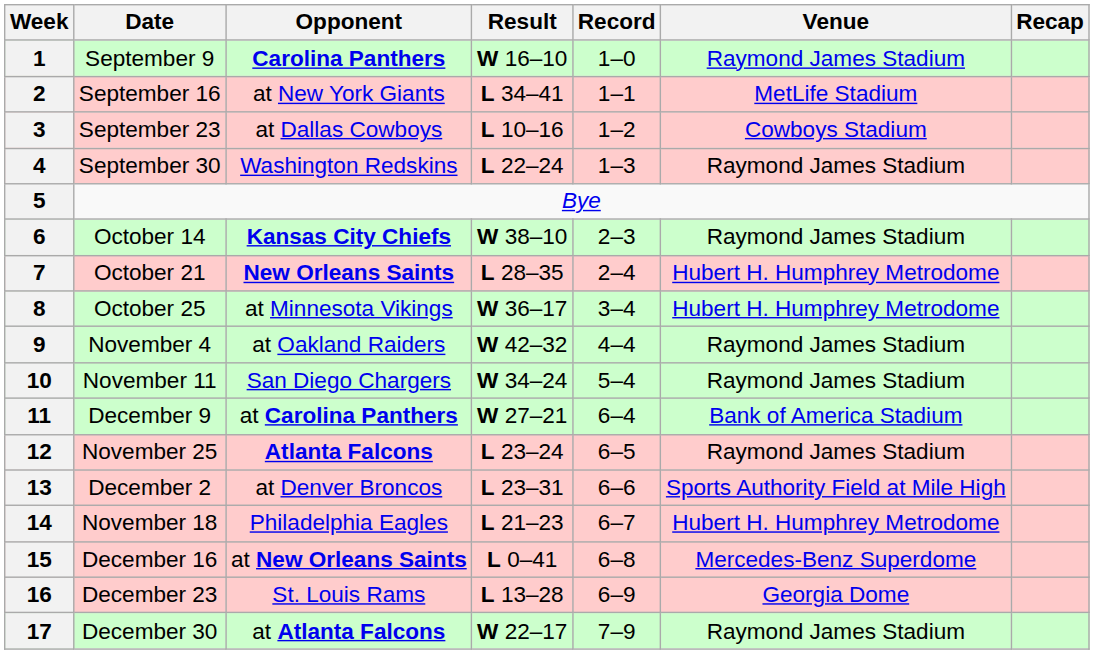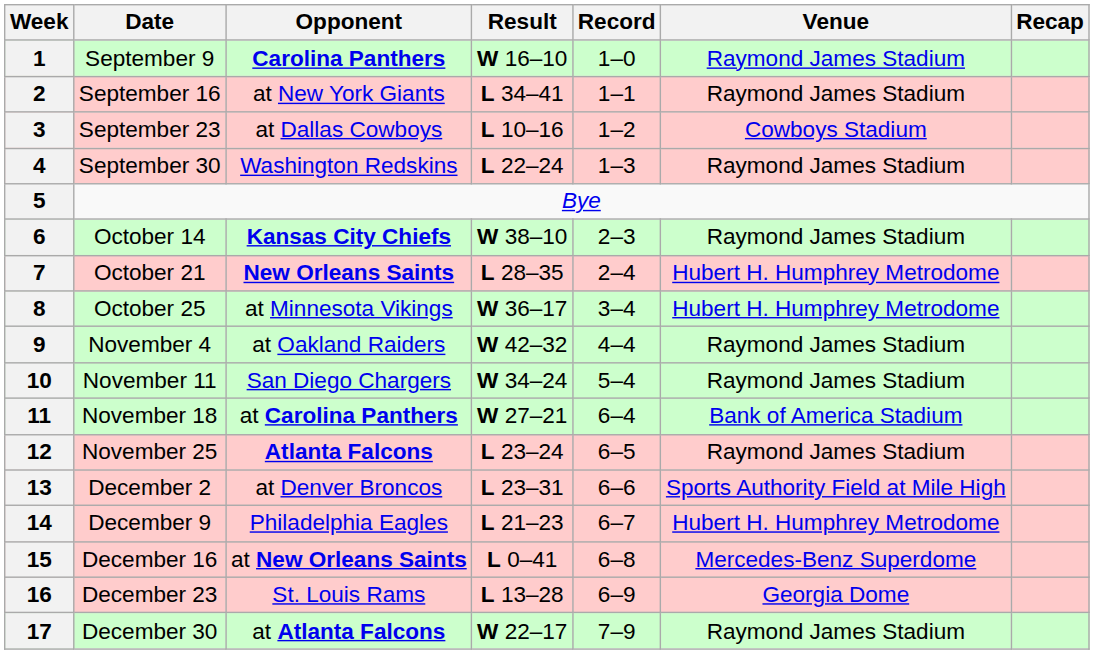 <table class="wikitable" style="text-align:center">
 <tr>
 <th>Week</th>
 <th>Date</th>
 <th>Opponent</th>
 <th>Result</th>
 <th>Record</th>
 <th>Venue</th>
 <th>Recap</th>
 </tr>
 <tr style="background:#cfc; text-align:center;">
 <th>1</th>
 <td>September 9</td>
 <td><strong><a href='#'>Carolina Panthers</a></strong></td>
 <td><strong>W</strong> 16–10</td>
 <td>1–0</td>
 <td><a href='#'>Raymond James Stadium</a></td>
 <td></td>
 </tr>
 <tr style="background:#fcc; text-align:center;">
 <th>2</th>
 <td>September 16</td>
 <td>at <a href='#'>New York Giants</a></td>
 <td><strong>L</strong> 34–41</td>
 <td>1–1</td>
-<td><a href='#'>MetLife Stadium</a></td>
+<td>Raymond James Stadium</td>
 <td></td>
 </tr>
 <tr style="background:#fcc; text-align:center;">
 <th>3</th>
 <td>September 23</td>
 <td>at <a href='#'>Dallas Cowboys</a></td>
 <td><strong>L</strong> 10–16</td>
 <td>1–2</td>
 <td><a href='#'>Cowboys Stadium</a></td>
 <td></td>
 </tr>
 <tr style="background:#fcc; text-align:center;">
 <th>4</th>
 <td>September 30</td>
 <td><a href='#'>Washington Redskins</a></td>
 <td><strong>L</strong> 22–24</td>
 <td>1–3</td>
 <td>Raymond James Stadium</td>
 <td></td>
 </tr>
 <tr>
 <th>5</th>
 <td colspan="6" style="text-align:center;"><em><a href='#'>Bye</a></em></td>
 </tr>
 <tr style="background:#cfc; text-align:center;">
 <th>6</th>
 <td>October 14</td>
 <td><strong><a href='#'>Kansas City Chiefs</a></strong></td>
 <td><strong>W</strong> 38–10</td>
 <td>2–3</td>
 <td>Raymond James Stadium</td>
 <td></td>
 </tr>
 <tr style="background:#fcc; text-align:center;">
 <th>7</th>
 <td>October 21</td>
 <td><strong><a href='#'>New Orleans Saints</a></strong></td>
 <td><strong>L</strong> 28–35</td>
 <td>2–4</td>
 <td><a href='#'>Hubert H. Humphrey Metrodome</a></td>
 <td></td>
 </tr>
 <tr style="background:#cfc; text-align:center;">
 <th>8</th>
 <td>October 25</td>
 <td>at <a href='#'>Minnesota Vikings</a></td>
 <td><strong>W</strong> 36–17</td>
 <td>3–4</td>
 <td><a href='#'>Hubert H. Humphrey Metrodome</a></td>
 <td></td>
 </tr>
 <tr style="background:#cfc; text-align:center;">
 <th>9</th>
 <td>November 4</td>
 <td>at <a href='#'>Oakland Raiders</a></td>
 <td><strong>W</strong> 42–32</td>
 <td>4–4</td>
 <td>Raymond James Stadium</td>
 <td></td>
 </tr>
 <tr style="background:#cfc; text-align:center;">
 <th>10</th>
 <td>November 11</td>
 <td><a href='#'>San Diego Chargers</a></td>
 <td><strong>W</strong> 34–24</td>
 <td>5–4</td>
 <td>Raymond James Stadium</td>
 <td></td>
 </tr>
 <tr style="background:#cfc; text-align:center;">
 <th>11</th>
-<td>December 9</td>
+<td>November 18</td>
 <td>at <strong><a href='#'>Carolina Panthers</a></strong></td>
 <td><strong>W</strong> 27–21 </td>
 <td>6–4</td>
 <td><a href='#'>Bank of America Stadium</a></td>
 <td></td>
 </tr>
 <tr style="background:#fcc; text-align:center;">
 <th>12</th>
 <td>November 25</td>
 <td><strong><a href='#'>Atlanta Falcons</a></strong></td>
 <td><strong>L</strong> 23–24</td>
 <td>6–5</td>
 <td>Raymond James Stadium</td>
 <td></td>
 </tr>
 <tr style="background:#fcc; text-align:center;">
 <th>13</th>
 <td>December 2</td>
 <td>at <a href='#'>Denver Broncos</a></td>
 <td><strong>L</strong> 23–31</td>
 <td>6–6</td>
 <td><a href='#'>Sports Authority Field at Mile High</a></td>
 <td></td>
 </tr>
 <tr style="background:#fcc; text-align:center;">
 <th>14</th>
-<td>November 18</td>
+<td>December 9</td>
 <td><a href='#'>Philadelphia Eagles</a></td>
 <td><strong>L</strong> 21–23</td>
 <td>6–7</td>
 <td><a href='#'>Hubert H. Humphrey Metrodome</a></td>
 <td></td>
 </tr>
 <tr style="background:#fcc; text-align:center;">
 <th>15</th>
 <td>December 16</td>
 <td>at <strong><a href='#'>New Orleans Saints</a></strong></td>
 <td><strong>L</strong> 0–41</td>
 <td>6–8</td>
 <td><a href='#'>Mercedes-Benz Superdome</a></td>
 <td></td>
 </tr>
 <tr style="background:#fcc; text-align:center;">
 <th>16</th>
 <td>December 23</td>
 <td><a href='#'>St. Louis Rams</a></td>
 <td><strong>L</strong> 13–28</td>
 <td>6–9</td>
 <td><a href='#'>Georgia Dome</a></td>
 <td></td>
 </tr>
 <tr style="background:#cfc; text-align:center;">
 <th>17</th>
 <td>December 30</td>
 <td>at <strong><a href='#'>Atlanta Falcons</a></strong></td>
 <td><strong>W</strong> 22–17</td>
 <td>7–9</td>
 <td>Raymond James Stadium</td>
 <td></td>
 </tr>
 </table>
